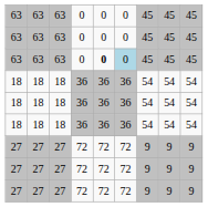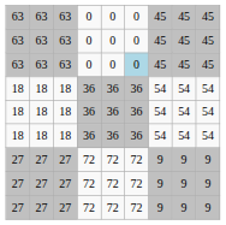 <table class="wikitable" style="margin-left:auto;margin-right:auto;text-align:center;width:18em;height:18em;table-layout:fixed;">
 <tr>
 <td style="background-color: silver;">63</td>
 <td style="background-color: silver;">63</td>
 <td style="background-color: silver;">63</td>
 <td>0</td>
 <td>0</td>
 <td>0</td>
 <td style="background-color: silver;">45</td>
 <td style="background-color: silver;">45</td>
 <td style="background-color: silver;">45</td>
 </tr>
 <tr>
 <td style="background-color: silver;">63</td>
 <td style="background-color: silver;">63</td>
 <td style="background-color: silver;">63</td>
 <td>0</td>
 <td>0</td>
 <td>0</td>
 <td style="background-color: silver;">45</td>
 <td style="background-color: silver;">45</td>
 <td style="background-color: silver;">45</td>
 </tr>
 <tr>
 <td style="background-color: silver;">63</td>
 <td style="background-color: silver;">63</td>
 <td style="background-color: silver;">63</td>
 <td>0</td>
-<td><strong>0</strong></td>
+<td>0</td>
 <td style="background: lightblue;">0</td>
 <td style="background-color: silver;">45</td>
 <td style="background-color: silver;">45</td>
 <td style="background-color: silver;">45</td>
 </tr>
 <tr>
 <td>18</td>
 <td>18</td>
 <td>18</td>
 <td style="background-color: silver;">36</td>
 <td style="background-color: silver;">36</td>
 <td style="background-color: silver;">36</td>
 <td>54</td>
 <td>54</td>
 <td>54</td>
 </tr>
 <tr>
 <td>18</td>
 <td>18</td>
 <td>18</td>
 <td style="background-color: silver;">36</td>
 <td style="background-color: silver;">36</td>
 <td style="background-color: silver;">36</td>
 <td>54</td>
 <td>54</td>
 <td>54</td>
 </tr>
 <tr>
 <td>18</td>
 <td>18</td>
 <td>18</td>
 <td style="background-color: silver;">36</td>
 <td style="background-color: silver;">36</td>
 <td style="background-color: silver;">36</td>
 <td>54</td>
 <td>54</td>
 <td>54</td>
 </tr>
 <tr>
 <td style="background-color: silver;">27</td>
 <td style="background-color: silver;">27</td>
 <td style="background-color: silver;">27</td>
 <td>72</td>
 <td>72</td>
 <td>72</td>
 <td style="background-color: silver;">9</td>
 <td style="background-color: silver;">9</td>
 <td style="background-color: silver;">9</td>
 </tr>
 <tr>
 <td style="background-color: silver;">27</td>
 <td style="background-color: silver;">27</td>
 <td style="background-color: silver;">27</td>
 <td>72</td>
 <td>72</td>
 <td>72</td>
 <td style="background-color: silver;">9</td>
 <td style="background-color: silver;">9</td>
 <td style="background-color: silver;">9</td>
 </tr>
 <tr>
 <td style="background-color: silver;">27</td>
 <td style="background-color: silver;">27</td>
 <td style="background-color: silver;">27</td>
 <td>72</td>
 <td>72</td>
 <td>72</td>
 <td style="background-color: silver;">9</td>
 <td style="background-color: silver;">9</td>
 <td style="background-color: silver;">9</td>
 </tr>
 </table>
